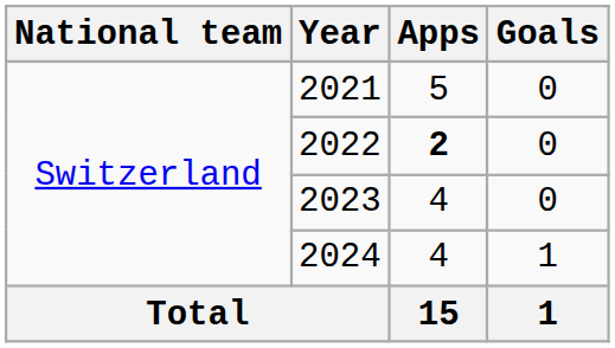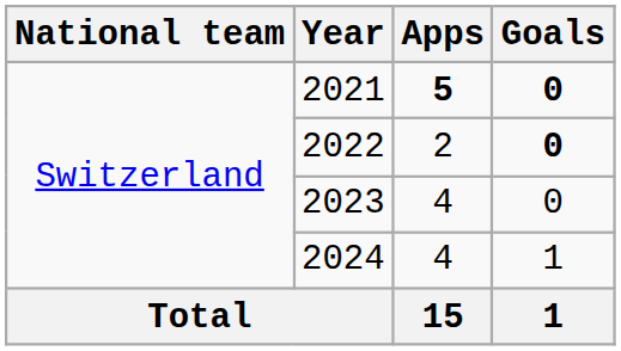 <table class=wikitable style=text-align:center>
 <tr>
 <th>National team</th>
 <th>Year</th>
 <th>Apps</th>
 <th>Goals</th>
 </tr>
 <tr>
 <td rowspan="4"><a href='#'>Switzerland</a></td>
 <td>2021</td>
-<td>5</td>
-<td>0</td>
+<td><strong>5</strong></td>
+<td><strong>0</strong></td>
 </tr>
 <tr>
 <td>2022</td>
-<td><strong>2</strong></td>
-<td>0</td>
+<td>2</td>
+<td><strong>0</strong></td>
 </tr>
 <tr>
 <td>2023</td>
 <td>4</td>
 <td>0</td>
 </tr>
 <tr>
 <td>2024</td>
 <td>4</td>
 <td>1</td>
 </tr>
 <tr>
 <th colspan="2">Total</th>
 <th>15</th>
 <th>1</th>
 </tr>
 </table>
